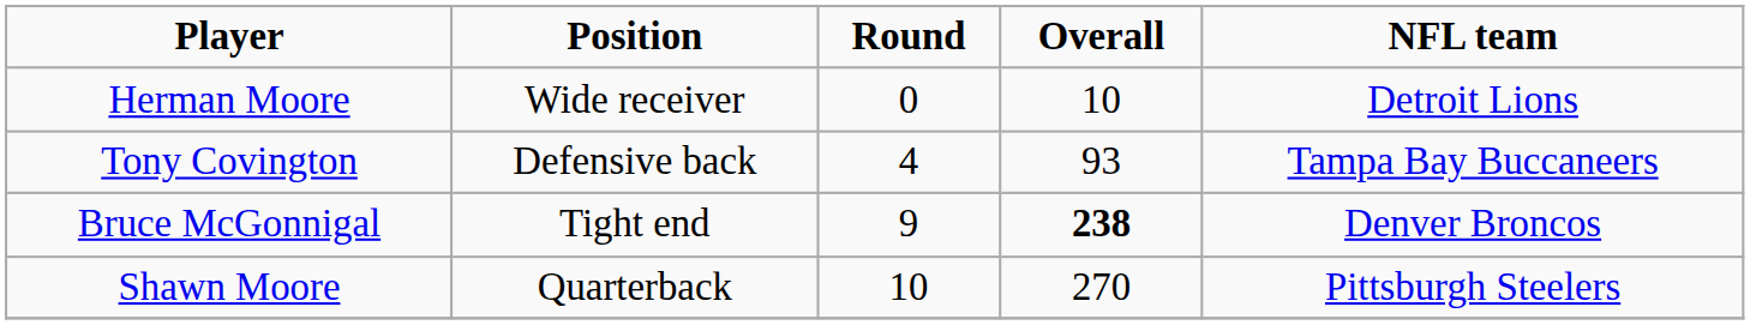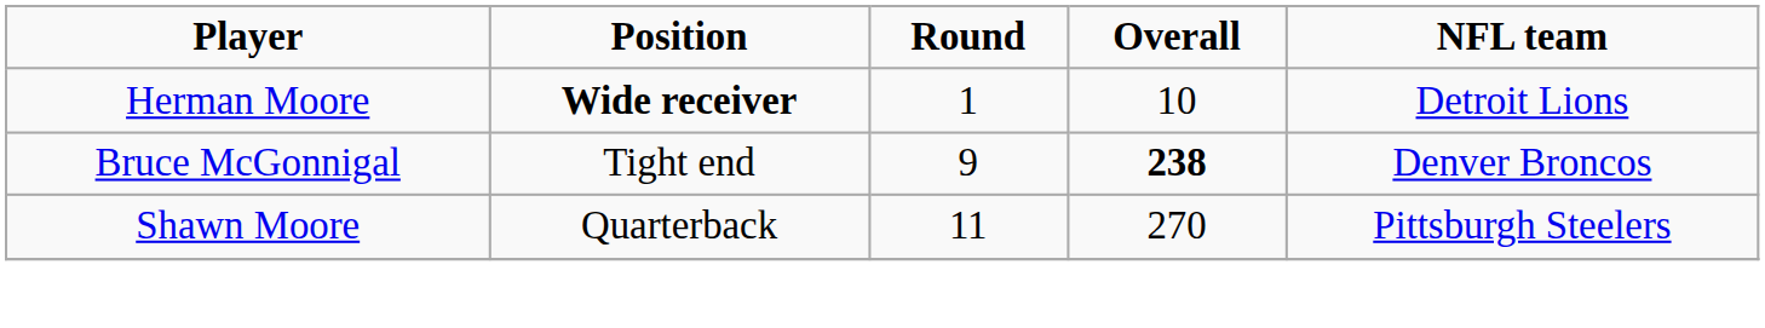 <table class="wikitable" width="80%">
 <tr align="center">
 <td><strong>Player</strong></td>
 <td><strong>Position</strong></td>
 <td><strong>Round</strong></td>
 <td><strong>Overall</strong></td>
 <td><strong>NFL team</strong></td>
 </tr>
 <tr align="center" bgcolor="">
 <td><a href='#'>Herman Moore</a></td>
-<td>Wide receiver</td>
-<td>0</td>
+<td><strong>Wide receiver</strong></td>
+<td>1</td>
 <td>10</td>
 <td><a href='#'>Detroit Lions</a></td>
-</tr>
-<tr align="center" bgcolor="">
-<td><a href='#'>Tony Covington</a></td>
-<td>Defensive back</td>
-<td>4</td>
-<td>93</td>
-<td><a href='#'>Tampa Bay Buccaneers</a></td>
 </tr>
 <tr align="center" bgcolor="">
 <td><a href='#'>Bruce McGonnigal</a></td>
 <td>Tight end</td>
 <td>9</td>
 <td><strong>238</strong></td>
 <td><a href='#'>Denver Broncos</a></td>
 </tr>
 <tr align="center" bgcolor="">
 <td><a href='#'>Shawn Moore</a></td>
 <td>Quarterback</td>
-<td>10</td>
+<td>11</td>
 <td>270</td>
 <td><a href='#'>Pittsburgh Steelers</a></td>
 </tr>
 <tr align="center" bgcolor="">
 </tr>
 </table>
